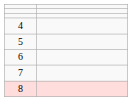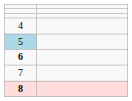 <table class="wikitable" style="text-align:center; width:200px;">
 <tr>
 <td style="width:45px;"></td>
 <td style="padding-left:4px; text-align:left;"></td>
 </tr>
 <tr>
 <td></td>
 <td style="padding-left:4px; text-align:left;"></td>
 </tr>
 <tr>
 <td></td>
 <td style="padding-left:4px; text-align:left;"></td>
 </tr>
 <tr>
 <td>4</td>
 <td style="padding-left:4px; text-align:left;"></td>
 </tr>
 <tr>
-<td>5</td>
+<td style="background: lightblue;">5</td>
 <td style="padding-left:4px; text-align:left;"></td>
 </tr>
 <tr>
-<td>6</td>
+<td><strong>6</strong></td>
 <td style="padding-left:4px; text-align:left;"></td>
 </tr>
 <tr>
 <td>7</td>
 <td style="padding-left:4px; text-align:left;"></td>
 </tr>
 <tr style="background:#fdd;">
-<td>8</td>
+<td><strong>8</strong></td>
 <td style="padding-left:4px; text-align:left;"></td>
 </tr>
 </table>
